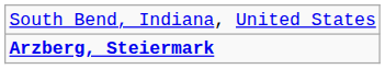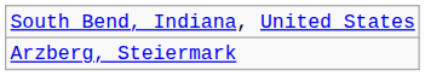 <table class="wikitable">
 <tr>
 <td> <a href='#'>South Bend, Indiana</a>, <a href='#'>United States</a></td>
 </tr>
 <tr>
-<td><strong> <a href='#'>Arzberg, Steiermark</a></strong></td>
+<td> <a href='#'>Arzberg, Steiermark</a></td>
 </tr>
 </table>
